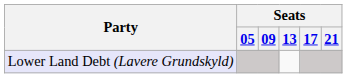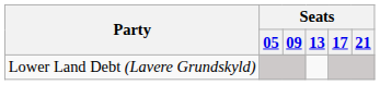 <table class="wikitable">
 <tr>
 <th rowspan=2>Party</th>
 <th colspan=11>Seats</th>
 </tr>
 <tr>
 <th><a href='#'>05</a></th>
 <th><a href='#'>09</a></th>
 <th><a href='#'>13</a></th>
 <th><a href='#'>17</a></th>
 <th><a href='#'>21</a></th>
 </tr>
 <tr>
-<td style="background: lavender;">Lower Land Debt <em>(Lavere Grundskyld)</em></td>
+<td>Lower Land Debt <em>(Lavere Grundskyld)</em></td>
 <td style="background:#CDC9C9;" colspan=2></td>
 <td></td>
 <td style="background:#CDC9C9;" colspan=2></td>
 </tr>
 </table>
